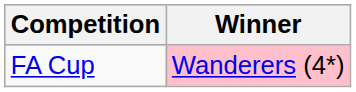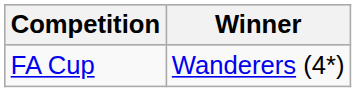 <table class="wikitable">
 <tr>
 <th>Competition</th>
 <th>Winner</th>
 </tr>
 <tr>
 <td><a href='#'>FA Cup</a></td>
-<td style="background: pink;"><a href='#'>Wanderers</a> (4*)</td>
+<td><a href='#'>Wanderers</a> (4*)</td>
 </tr>
 </table>
